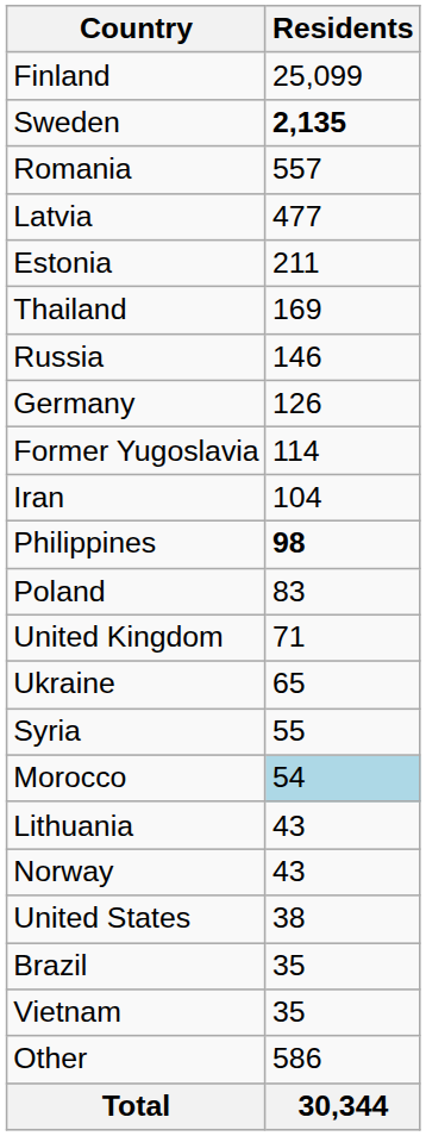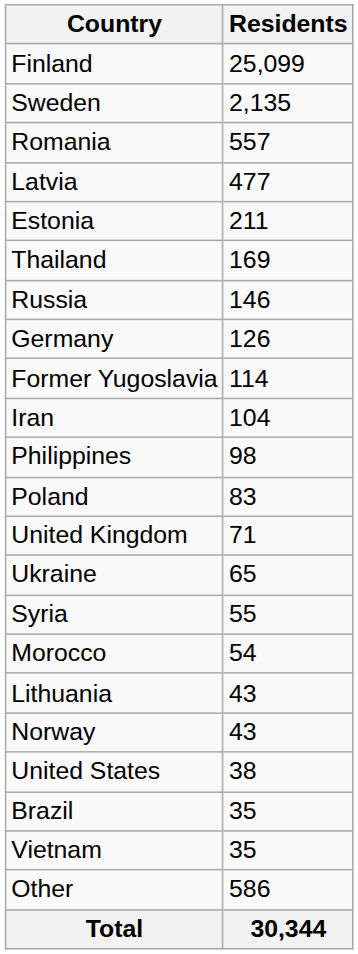 <table class="wikitable floatright sortable nowrap" style="margin-left:1em;">
 <tr>
 <th>Country</th>
 <th>Residents</th>
 </tr>
 <tr>
 <td> Finland</td>
 <td>25,099</td>
 </tr>
 <tr>
 <td> Sweden</td>
-<td><strong>2,135</strong></td>
+<td>2,135</td>
 </tr>
 <tr>
 <td> Romania</td>
 <td>557</td>
 </tr>
 <tr>
 <td> Latvia</td>
 <td>477</td>
 </tr>
 <tr>
 <td> Estonia</td>
 <td>211</td>
 </tr>
 <tr>
 <td> Thailand</td>
 <td>169</td>
 </tr>
 <tr>
 <td> Russia</td>
 <td>146</td>
 </tr>
 <tr>
 <td> Germany</td>
 <td>126</td>
 </tr>
 <tr>
 <td> Former Yugoslavia</td>
 <td>114</td>
 </tr>
 <tr>
 <td> Iran</td>
 <td>104</td>
 </tr>
 <tr>
 <td> Philippines</td>
-<td><strong>98</strong></td>
+<td>98</td>
 </tr>
 <tr>
 <td> Poland</td>
 <td>83</td>
 </tr>
 <tr>
 <td> United Kingdom</td>
 <td>71</td>
 </tr>
 <tr>
 <td> Ukraine</td>
 <td>65</td>
 </tr>
 <tr>
 <td> Syria</td>
 <td>55</td>
 </tr>
 <tr>
 <td> Morocco</td>
-<td style="background: lightblue;">54</td>
+<td>54</td>
 </tr>
 <tr>
 <td> Lithuania</td>
 <td>43</td>
 </tr>
 <tr>
 <td> Norway</td>
 <td>43</td>
 </tr>
 <tr>
 <td> United States</td>
 <td>38</td>
 </tr>
 <tr>
 <td> Brazil</td>
 <td>35</td>
 </tr>
 <tr>
 <td> Vietnam</td>
 <td>35</td>
 </tr>
 <tr>
 <td>Other</td>
 <td>586</td>
 </tr>
 <tr>
 <th>Total</th>
 <th>30,344</th>
 </tr>
 </table>
